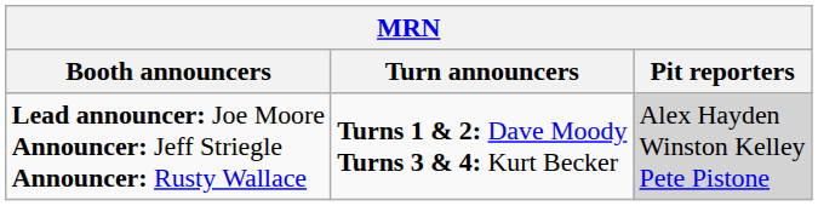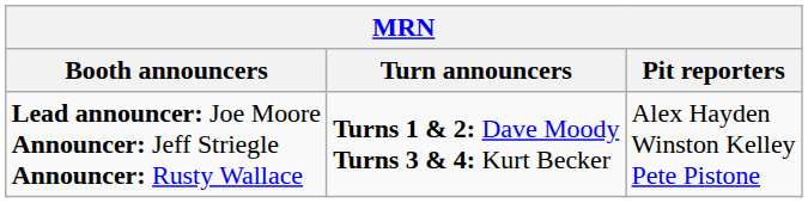 <table class="wikitable" style="font-size: 95%;">
 <tr>
 <th colspan="3"><a href='#'>MRN</a></th>
 </tr>
 <tr>
 <th>Booth announcers</th>
 <th>Turn announcers</th>
 <th>Pit reporters</th>
 </tr>
 <tr>
 <td><strong>Lead announcer:</strong> Joe Moore<br><strong>Announcer:</strong> Jeff Striegle<br><strong>Announcer:</strong> <a href='#'>Rusty Wallace</a></td>
 <td><strong>Turns 1 & 2:</strong> <a href='#'>Dave Moody</a><br><strong>Turns 3 & 4:</strong> Kurt Becker</td>
-<td style="background: lightgrey;">Alex Hayden<br>Winston Kelley<br><a href='#'>Pete Pistone</a></td>
+<td>Alex Hayden<br>Winston Kelley<br><a href='#'>Pete Pistone</a></td>
 </tr>
 </table>
